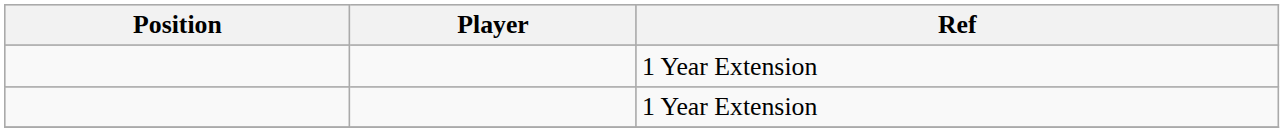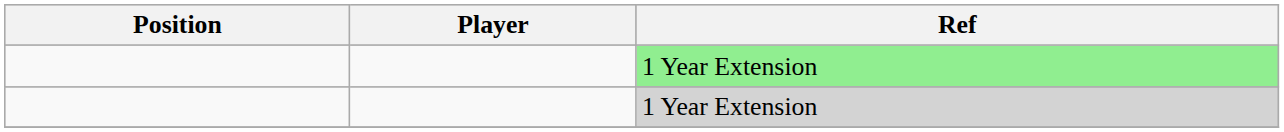 <table class="wikitable sortable" style="width:50%; text-align:center; font-size:100%; text-align:left;">
 <tr>
 <th>Position</th>
 <th>Player</th>
 <th>Ref</th>
 </tr>
 <tr>
 <td></td>
 <td></td>
-<td> 1 Year Extension</td>
+<td style="background: lightgreen;"> 1 Year Extension</td>
 </tr>
 <tr>
 <td></td>
 <td></td>
-<td> 1 Year Extension</td>
+<td style="background: lightgrey;"> 1 Year Extension</td>
 </tr>
 <tr>
 </tr>
 </table>
